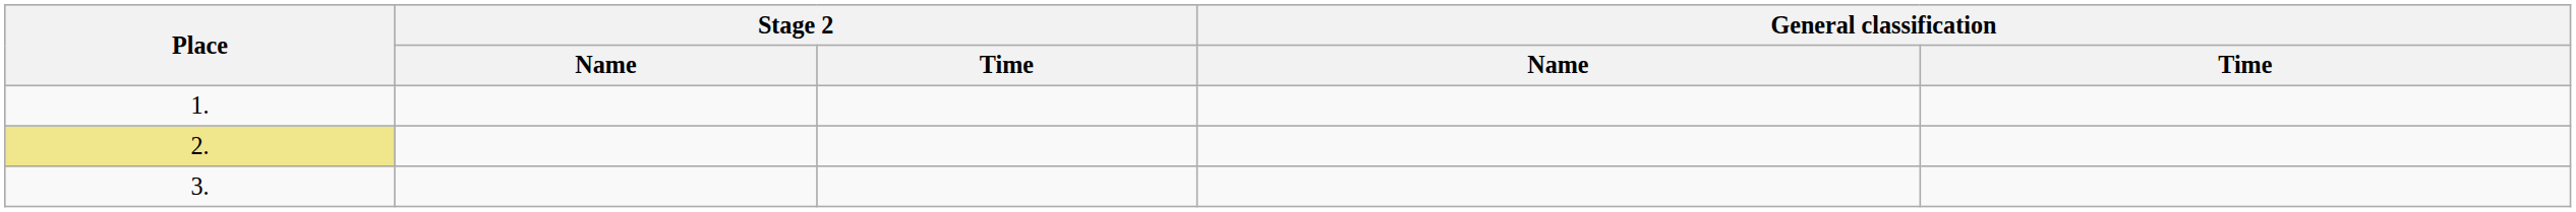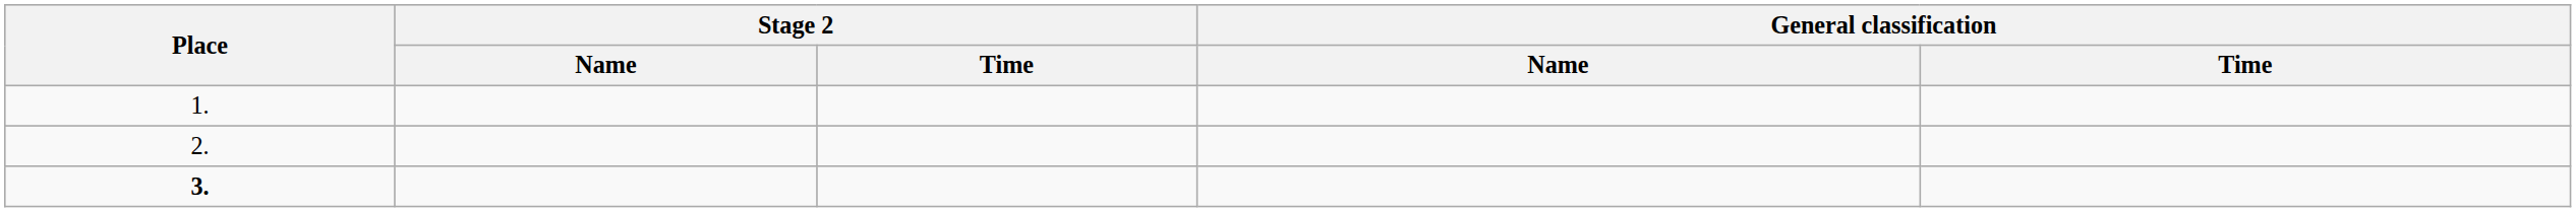 <table class=wikitable style="font-size:95%" width="80%">
 <tr>
 <th rowspan="2">Place</th>
 <th colspan="2">Stage 2</th>
 <th colspan="2">General classification</th>
 </tr>
 <tr>
 <th>Name</th>
 <th>Time</th>
 <th>Name</th>
 <th>Time</th>
 </tr>
 <tr>
 <td align="center">1.</td>
 <td></td>
 <td></td>
 <td></td>
 <td></td>
 </tr>
 <tr>
-<td align="center" style="background: khaki;">2.</td>
+<td align="center">2.</td>
 <td></td>
 <td></td>
 <td></td>
 <td></td>
 </tr>
 <tr>
-<td align="center">3.</td>
+<td align="center"><strong>3.</strong></td>
 <td></td>
 <td></td>
 <td></td>
 <td></td>
 </tr>
 </table>
